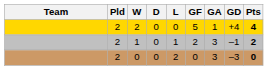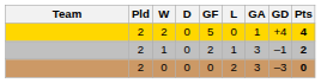 <table class="wikitable" style="text-align: center;">
 <tr>
 <th width=165>Team</th>
 <th width=25>Pld</th>
 <th width=25>W</th>
 <th width=25>D</th>
+<th width=25>GF</th>
 <th width=25>L</th>
-<th width=25>GF</th>
 <th width=25>GA</th>
 <th width=25>GD</th>
 <th width=25>Pts</th>
 </tr>
 <tr bgcolor=gold>
 <td align="left"></td>
 <td>2</td>
 <td>2</td>
 <td>0</td>
+<td>5</td>
 <td>0</td>
-<td>5</td>
 <td>1</td>
 <td>+4</td>
 <td><strong>4</strong></td>
 </tr>
 <tr bgcolor=silver>
 <td align="left"></td>
 <td>2</td>
 <td>1</td>
 <td>0</td>
+<td>2</td>
 <td>1</td>
-<td>2</td>
 <td>3</td>
 <td>–1</td>
 <td><strong>2</strong></td>
 </tr>
 <tr bgcolor=#cc9966>
 <td align="left"></td>
 <td>2</td>
 <td>0</td>
 <td>0</td>
+<td>0</td>
 <td>2</td>
-<td>0</td>
 <td>3</td>
 <td>–3</td>
 <td><strong>0</strong></td>
 </tr>
 </table>
